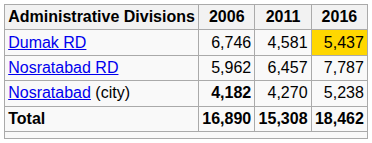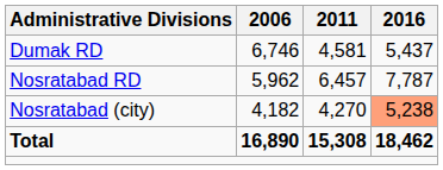 <table class="wikitable">
 <tr>
 <th>Administrative Divisions</th>
 <th>2006</th>
 <th>2011</th>
 <th>2016</th>
 </tr>
 <tr>
 <td><a href='#'>Dumak RD</a></td>
 <td style="text-align: right;">6,746</td>
 <td style="text-align: right;">4,581</td>
-<td style="background: gold; text-align: right;">5,437</td>
+<td style="text-align: right;">5,437</td>
 </tr>
 <tr>
 <td><a href='#'>Nosratabad RD</a></td>
 <td style="text-align: right;">5,962</td>
 <td style="text-align: right;">6,457</td>
 <td style="text-align: right;">7,787</td>
 </tr>
 <tr>
 <td><a href='#'>Nosratabad</a> (city)</td>
-<td style="text-align: right;"><strong>4,182</strong></td>
+<td style="text-align: right;">4,182</td>
 <td style="text-align: right;">4,270</td>
-<td style="text-align: right;">5,238</td>
+<td style="background: lightsalmon; text-align: right;">5,238</td>
 </tr>
 <tr>
 <td><strong>Total</strong></td>
 <td style="text-align: right;"><strong>16,890</strong></td>
 <td style="text-align: right;"><strong>15,308</strong></td>
 <td style="text-align: right;"><strong>18,462</strong></td>
 </tr>
 <tr>
 <td colspan=4></td>
 </tr>
 </table>
